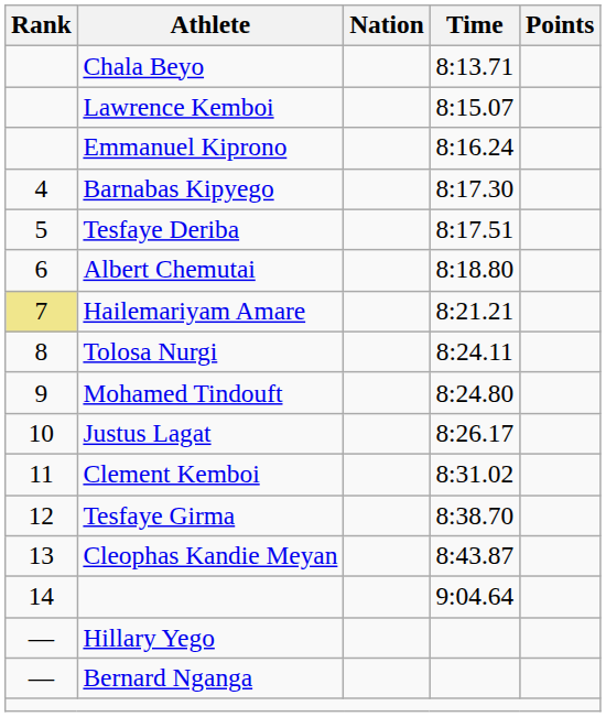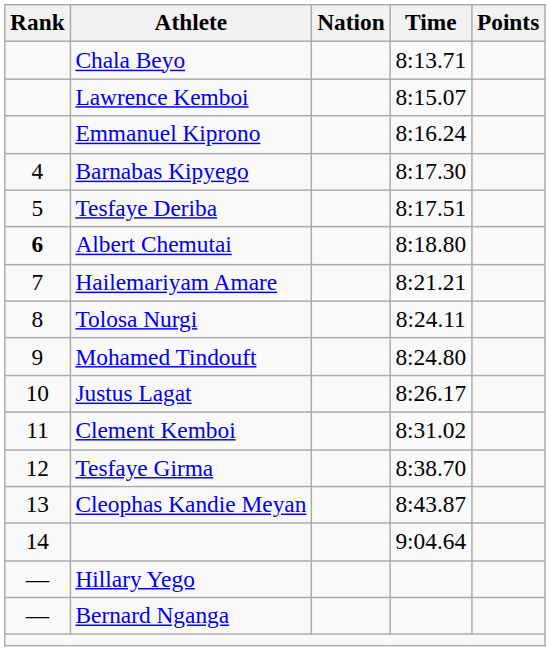 <table class="wikitable sortable" style="text-align:center;">
 <tr>
 <th scope="col" style="width: 10px;">Rank</th>
 <th scope="col">Athlete</th>
 <th scope="col">Nation</th>
 <th scope="col">Time</th>
 <th scope="col">Points</th>
 </tr>
 <tr>
 <td></td>
 <td align=left><a href='#'>Chala Beyo</a></td>
 <td align=left></td>
 <td>8:13.71</td>
 <td></td>
 </tr>
 <tr>
 <td></td>
 <td align=left><a href='#'>Lawrence Kemboi</a></td>
 <td align=left></td>
 <td>8:15.07</td>
 <td></td>
 </tr>
 <tr>
 <td></td>
 <td align=left><a href='#'>Emmanuel Kiprono</a></td>
 <td align=left></td>
 <td>8:16.24</td>
 <td></td>
 </tr>
 <tr>
 <td>4</td>
 <td align=left><a href='#'>Barnabas Kipyego</a></td>
 <td align=left></td>
 <td>8:17.30</td>
 <td></td>
 </tr>
 <tr>
 <td>5</td>
 <td align=left><a href='#'>Tesfaye Deriba</a></td>
 <td align=left></td>
 <td>8:17.51</td>
 <td></td>
 </tr>
 <tr>
-<td>6</td>
+<td><strong>6</strong></td>
 <td align=left><a href='#'>Albert Chemutai</a></td>
 <td align=left></td>
 <td>8:18.80</td>
 <td></td>
 </tr>
 <tr>
-<td style="background: khaki;">7</td>
+<td>7</td>
 <td align=left><a href='#'>Hailemariyam Amare</a></td>
 <td align=left></td>
 <td>8:21.21</td>
 <td></td>
 </tr>
 <tr>
 <td>8</td>
 <td align=left><a href='#'>Tolosa Nurgi</a></td>
 <td align=left></td>
 <td>8:24.11</td>
 <td></td>
 </tr>
 <tr>
 <td>9</td>
 <td align=left><a href='#'>Mohamed Tindouft</a></td>
 <td align=left></td>
 <td>8:24.80</td>
 <td></td>
 </tr>
 <tr>
 <td>10</td>
 <td align=left><a href='#'>Justus Lagat</a></td>
 <td align=left></td>
 <td>8:26.17</td>
 <td></td>
 </tr>
 <tr>
 <td>11</td>
 <td align=left><a href='#'>Clement Kemboi</a></td>
 <td align=left></td>
 <td>8:31.02</td>
 <td></td>
 </tr>
 <tr>
 <td>12</td>
 <td align=left><a href='#'>Tesfaye Girma</a></td>
 <td align=left></td>
 <td>8:38.70</td>
 <td></td>
 </tr>
 <tr>
 <td>13</td>
 <td align=left><a href='#'>Cleophas Kandie Meyan</a></td>
 <td align=left></td>
 <td>8:43.87</td>
 <td></td>
 </tr>
 <tr>
 <td>14</td>
 <td align=left></td>
 <td align=left></td>
 <td>9:04.64</td>
 <td></td>
 </tr>
 <tr>
 <td>—</td>
 <td align=left><a href='#'>Hillary Yego</a></td>
 <td align=left></td>
 <td></td>
 <td></td>
 </tr>
 <tr>
 <td>—</td>
 <td align=left><a href='#'>Bernard Nganga</a></td>
 <td align=left></td>
 <td></td>
 <td></td>
 </tr>
 <tr class="sortbottom">
 <td colspan=5></td>
 </tr>
 </table>
